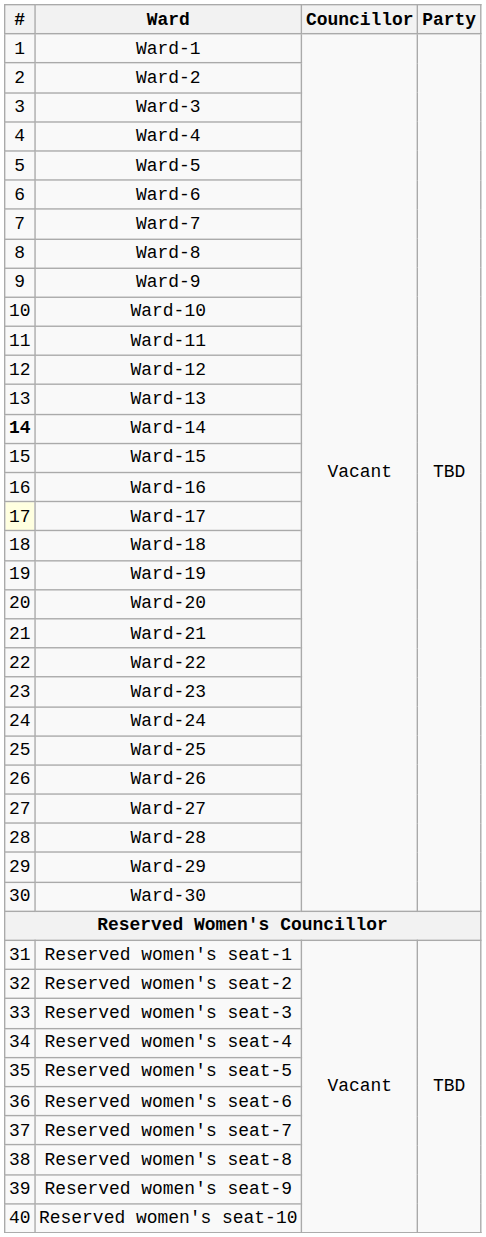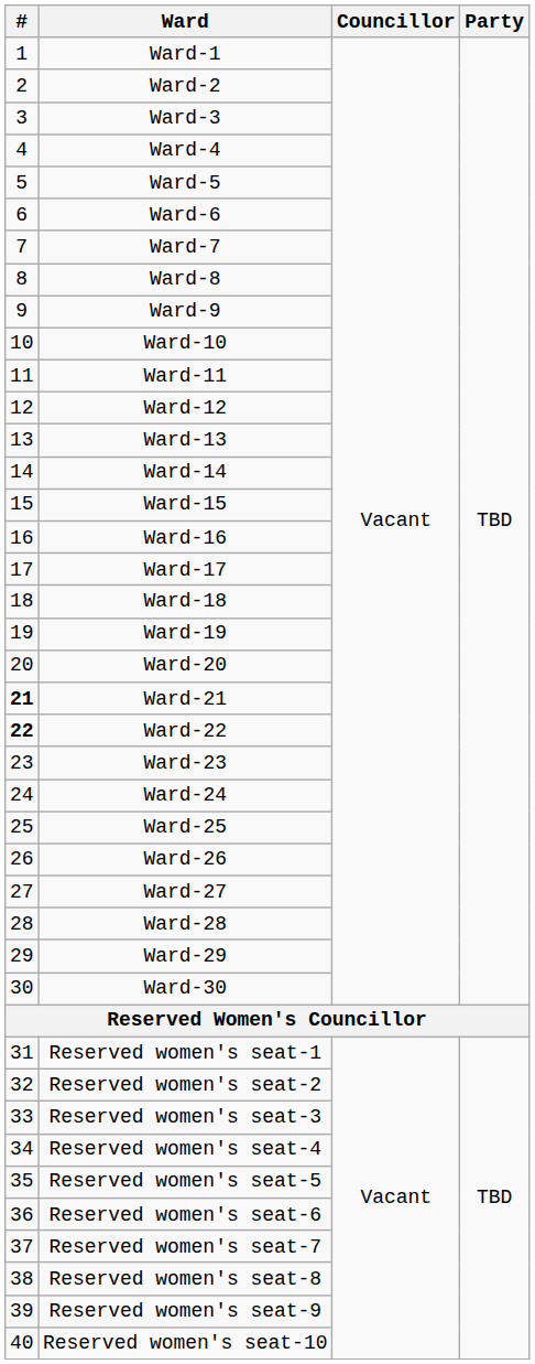 <table class="wikitable sortable" style="text-align:center;">
 <tr>
 <th>#</th>
 <th>Ward</th>
 <th>Councillor</th>
 <th colspan="2">Party</th>
 </tr>
 <tr>
 <td>1</td>
 <td>Ward-1</td>
 <td rowspan="30">Vacant</td>
 <td colspan="2" rowspan="30" bgcolor="">TBD</td>
 </tr>
 <tr>
 <td>2</td>
 <td>Ward-2</td>
 </tr>
 <tr>
 <td>3</td>
 <td>Ward-3</td>
 </tr>
 <tr>
 <td>4</td>
 <td>Ward-4</td>
 </tr>
 <tr>
 <td>5</td>
 <td>Ward-5</td>
 </tr>
 <tr>
 <td>6</td>
 <td>Ward-6</td>
 </tr>
 <tr>
 <td>7</td>
 <td>Ward-7</td>
 </tr>
 <tr>
 <td>8</td>
 <td>Ward-8</td>
 </tr>
 <tr>
 <td>9</td>
 <td>Ward-9</td>
 </tr>
 <tr>
 <td>10</td>
 <td>Ward-10</td>
 </tr>
 <tr>
 <td>11</td>
 <td>Ward-11</td>
 </tr>
 <tr>
 <td>12</td>
 <td>Ward-12</td>
 </tr>
 <tr>
 <td>13</td>
 <td>Ward-13</td>
 </tr>
 <tr>
-<td><strong>14</strong></td>
+<td>14</td>
 <td>Ward-14</td>
 </tr>
 <tr>
 <td>15</td>
 <td>Ward-15</td>
 </tr>
 <tr>
 <td>16</td>
 <td>Ward-16</td>
 </tr>
 <tr>
-<td style="background: lightyellow;">17</td>
+<td>17</td>
 <td>Ward-17</td>
 </tr>
 <tr>
 <td>18</td>
 <td>Ward-18</td>
 </tr>
 <tr>
 <td>19</td>
 <td>Ward-19</td>
 </tr>
 <tr>
 <td>20</td>
 <td>Ward-20</td>
 </tr>
 <tr>
-<td>21</td>
+<td><strong>21</strong></td>
 <td>Ward-21</td>
 </tr>
 <tr>
-<td>22</td>
+<td><strong>22</strong></td>
 <td>Ward-22</td>
 </tr>
 <tr>
 <td>23</td>
 <td>Ward-23</td>
 </tr>
 <tr>
 <td>24</td>
 <td>Ward-24</td>
 </tr>
 <tr>
 <td>25</td>
 <td>Ward-25</td>
 </tr>
 <tr>
 <td>26</td>
 <td>Ward-26</td>
 </tr>
 <tr>
 <td>27</td>
 <td>Ward-27</td>
 </tr>
 <tr>
 <td>28</td>
 <td>Ward-28</td>
 </tr>
 <tr>
 <td>29</td>
 <td>Ward-29</td>
 </tr>
 <tr>
 <td>30</td>
 <td>Ward-30</td>
 </tr>
 <tr>
 <th colspan="5"><strong>Reserved Women's Councillor</strong></th>
 </tr>
 <tr>
 <td>31</td>
 <td>Reserved women's seat-1</td>
 <td rowspan="10">Vacant</td>
 <td colspan="2" rowspan="10" bgcolor="">TBD</td>
 </tr>
 <tr>
 <td>32</td>
 <td>Reserved women's seat-2</td>
 </tr>
 <tr>
 <td>33</td>
 <td>Reserved women's seat-3</td>
 </tr>
 <tr>
 <td>34</td>
 <td>Reserved women's seat-4</td>
 </tr>
 <tr>
 <td>35</td>
 <td>Reserved women's seat-5</td>
 </tr>
 <tr>
 <td>36</td>
 <td>Reserved women's seat-6</td>
 </tr>
 <tr>
 <td>37</td>
 <td>Reserved women's seat-7</td>
 </tr>
 <tr>
 <td>38</td>
 <td>Reserved women's seat-8</td>
 </tr>
 <tr>
 <td>39</td>
 <td>Reserved women's seat-9</td>
 </tr>
 <tr>
 <td>40</td>
 <td>Reserved women's seat-10</td>
 </tr>
 <tr>
 </tr>
 </table>
